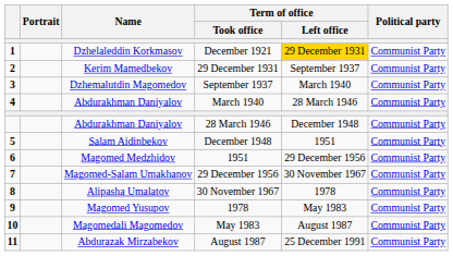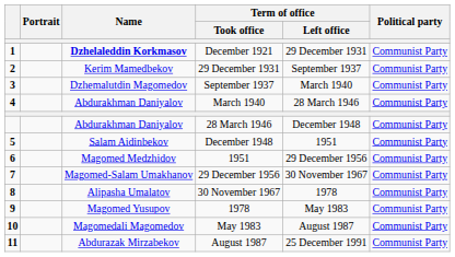 <table class="wikitable" style="text-align:center">
 <tr>
 <th rowspan=2></th>
 <th rowspan=2>Portrait</th>
 <th rowspan=2>Name<br></th>
 <th colspan=2>Term of office</th>
 <th rowspan=2>Political party</th>
 </tr>
 <tr>
 <th>Took office</th>
 <th>Left office</th>
 </tr>
 <tr>
 <th colspan="6"></th>
 </tr>
 <tr>
 <td style="background: "><strong>1</strong></td>
 <td></td>
-<td><a href='#'>Dzhelaleddin Korkmasov</a><br></td>
+<td><strong><a href='#'>Dzhelaleddin Korkmasov</a><br></strong></td>
 <td>December 1921</td>
-<td style="background: gold;">29 December 1931</td>
+<td>29 December 1931</td>
 <td><a href='#'>Communist Party</a></td>
 </tr>
 <tr>
 <td style="background: "><strong>2</strong></td>
 <td></td>
 <td><a href='#'>Kerim Mamedbekov</a><br></td>
 <td>29 December 1931</td>
 <td>September 1937</td>
 <td><a href='#'>Communist Party</a></td>
 </tr>
 <tr>
 <td style="background: "><strong>3</strong></td>
 <td></td>
 <td><a href='#'>Dzhemalutdin Magomedov</a><br></td>
 <td>September 1937</td>
 <td>March 1940</td>
 <td><a href='#'>Communist Party</a></td>
 </tr>
 <tr>
 <td style="background: "><strong>4</strong></td>
 <td></td>
 <td><a href='#'>Abdurakhman Daniyalov</a><br></td>
 <td>March 1940</td>
 <td>28 March 1946</td>
 <td><a href='#'>Communist Party</a></td>
 </tr>
 <tr>
 <th colspan="6"></th>
 </tr>
 <tr>
 <td style="background: "><strong></strong></td>
 <td></td>
 <td><a href='#'>Abdurakhman Daniyalov</a><br></td>
 <td>28 March 1946</td>
 <td>December 1948</td>
 <td><a href='#'>Communist Party</a></td>
 </tr>
 <tr>
 <td style="background: "><strong>5</strong></td>
 <td></td>
 <td><a href='#'>Salam Aidinbekov</a><br></td>
 <td>December 1948</td>
 <td>1951</td>
 <td><a href='#'>Communist Party</a></td>
 </tr>
 <tr>
 <td style="background: "><strong>6</strong></td>
 <td></td>
 <td><a href='#'>Magomed Medzhidov</a><br></td>
 <td>1951</td>
 <td>29 December 1956</td>
 <td><a href='#'>Communist Party</a></td>
 </tr>
 <tr>
 <td style="background: "><strong>7</strong></td>
 <td></td>
 <td><a href='#'>Magomed-Salam Umakhanov</a><br></td>
 <td>29 December 1956</td>
 <td>30 November 1967</td>
 <td><a href='#'>Communist Party</a></td>
 </tr>
 <tr>
 <td style="background: "><strong>8</strong></td>
 <td></td>
 <td><a href='#'>Alipasha Umalatov</a><br></td>
 <td>30 November 1967</td>
 <td>1978</td>
 <td><a href='#'>Communist Party</a></td>
 </tr>
 <tr>
 <td style="background: "><strong>9</strong></td>
 <td></td>
 <td><a href='#'>Magomed Yusupov</a><br></td>
 <td>1978</td>
 <td>May 1983</td>
 <td><a href='#'>Communist Party</a></td>
 </tr>
 <tr>
 <td style="background: "><strong>10</strong></td>
 <td></td>
 <td><a href='#'>Magomedali Magomedov</a><br></td>
 <td>May 1983</td>
 <td>August 1987</td>
 <td><a href='#'>Communist Party</a></td>
 </tr>
 <tr>
 <td style="background: "><strong>11</strong></td>
 <td></td>
 <td><a href='#'>Abdurazak Mirzabekov</a><br></td>
 <td>August 1987</td>
 <td>25 December 1991</td>
 <td><a href='#'>Communist Party</a></td>
 </tr>
 </table>
